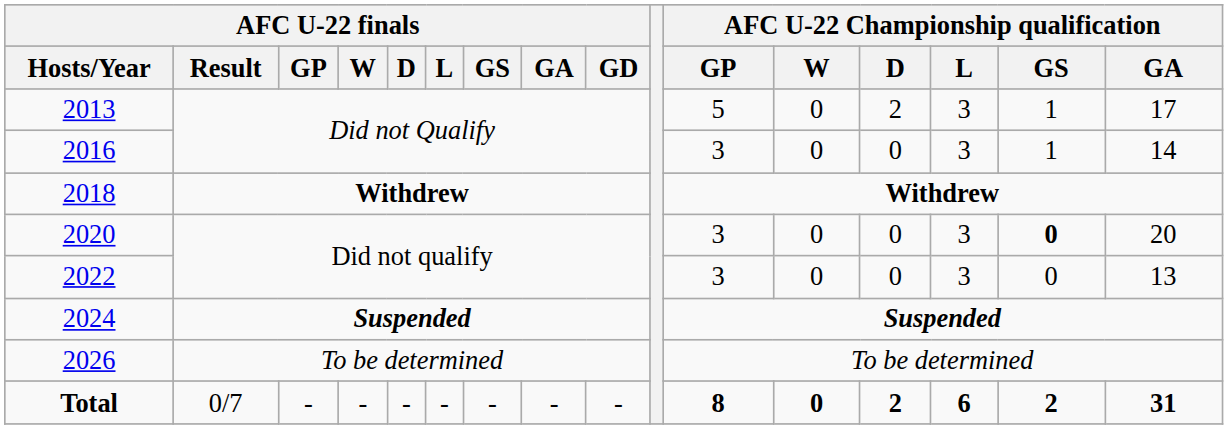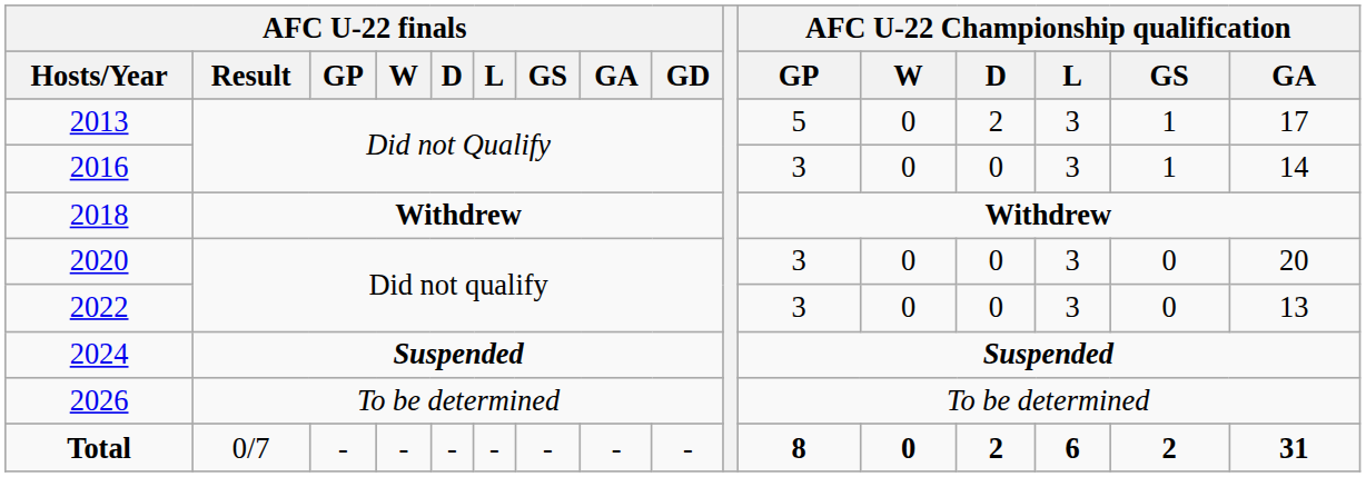 <table class="wikitable" style="text-align: center;">
 <tr>
 <th colspan=9>AFC U-22 finals</th>
 <th style="width:1% ;" rowspan="16"></th>
 <th colspan=6>AFC U-22 Championship qualification</th>
 </tr>
 <tr>
 <th>Hosts/Year</th>
 <th>Result</th>
 <th>GP</th>
 <th>W</th>
 <th>D</th>
 <th>L</th>
 <th>GS</th>
 <th>GA</th>
 <th>GD</th>
 <th>GP</th>
 <th>W</th>
 <th>D</th>
 <th>L</th>
 <th>GS</th>
 <th>GA</th>
 </tr>
 <tr>
 <td> <a href='#'>2013</a></td>
 <td colspan=8 rowspan=2><em>Did not Qualify</em></td>
 <td>5</td>
 <td>0</td>
 <td>2</td>
 <td>3</td>
 <td>1</td>
 <td>17</td>
 </tr>
 <tr>
 <td> <a href='#'>2016</a></td>
 <td>3</td>
 <td>0</td>
 <td>0</td>
 <td>3</td>
 <td>1</td>
 <td>14</td>
 </tr>
 <tr>
 <td> <a href='#'>2018</a></td>
 <td colspan=8><strong>Withdrew</strong></td>
 <td colspan=8><strong>Withdrew</strong></td>
 </tr>
 <tr>
 <td> <a href='#'>2020</a></td>
 <td colspan=8 rowspan=2>Did not qualify</td>
 <td>3</td>
 <td>0</td>
 <td>0</td>
 <td>3</td>
-<td><strong>0</strong></td>
+<td>0</td>
 <td>20</td>
 </tr>
 <tr>
 <td> <a href='#'>2022</a></td>
 <td>3</td>
 <td>0</td>
 <td>0</td>
 <td>3</td>
 <td>0</td>
 <td>13</td>
 </tr>
 <tr>
 <td> <a href='#'>2024</a></td>
 <td colspan=8><strong><em>Suspended</em></strong></td>
 <td colspan=8><strong><em>Suspended</em></strong></td>
 </tr>
 <tr>
 <td> <a href='#'>2026</a></td>
 <td colspan=8><em>To be determined</em></td>
 <td colspan=8><em>To be determined</em></td>
 </tr>
 <tr>
 <td><strong>Total</strong></td>
 <td>0/7</td>
 <td>-</td>
 <td>-</td>
 <td>-</td>
 <td>-</td>
 <td>-</td>
 <td>-</td>
 <td>-</td>
 <td><strong>8</strong></td>
 <td><strong>0</strong></td>
 <td><strong>2</strong></td>
 <td><strong>6</strong></td>
 <td><strong>2</strong></td>
 <td><strong>31</strong></td>
 </tr>
 </table>
